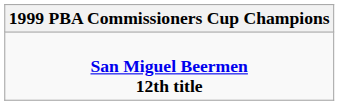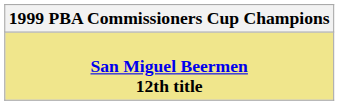 <table class=wikitable style="text-align:center; margin:auto">
 <tr>
 <th>1999 PBA Commissioners Cup Champions</th>
 </tr>
 <tr>
-<td><br> <strong><a href='#'>San Miguel Beermen</a></strong> <br> <strong>12th title</strong></td>
+<td style="background: khaki;"><br> <strong><a href='#'>San Miguel Beermen</a></strong> <br> <strong>12th title</strong></td>
 </tr>
 </table>
